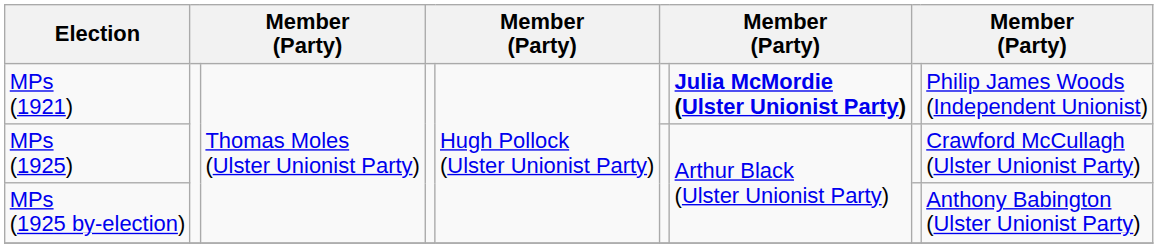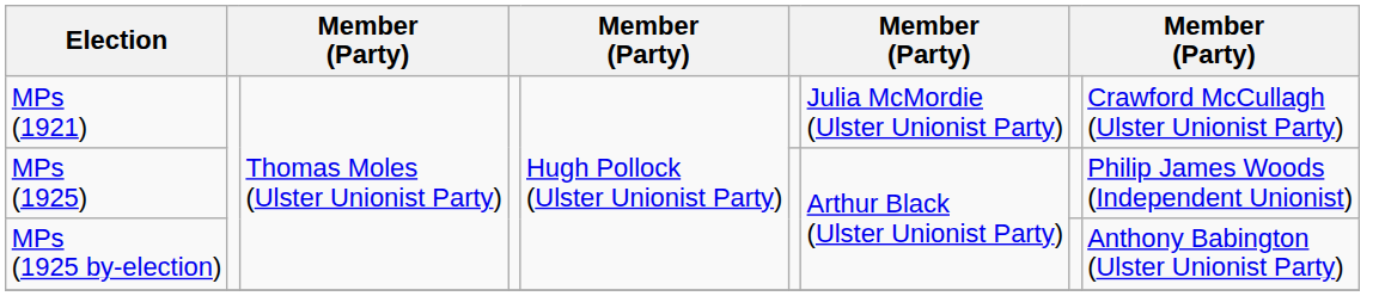 <table class="wikitable">
 <tr>
 <th>Election</th>
 <th colspan=2>Member<br>(Party)</th>
 <th colspan=2>Member<br>(Party)</th>
 <th colspan=2>Member<br>(Party)</th>
 <th colspan=2>Member<br>(Party)</th>
 </tr>
 <tr>
 <td><a href='#'>MPs</a> <br>(<a href='#'>1921</a>)</td>
 <td rowspan=3 style="background:"></td>
 <td rowspan=3><a href='#'>Thomas Moles</a> <br>(<a href='#'>Ulster Unionist Party</a>)</td>
 <td rowspan=3 style="background:"></td>
 <td rowspan=3><a href='#'>Hugh Pollock</a> <br>(<a href='#'>Ulster Unionist Party</a>)</td>
 <td rowspan=1 style="background:"></td>
-<td rowspan=1><strong><a href='#'>Julia McMordie</a> <br>(<a href='#'>Ulster Unionist Party</a>)</strong></td>
+<td rowspan=1><a href='#'>Julia McMordie</a> <br>(<a href='#'>Ulster Unionist Party</a>)</td>
 <td rowspan=1 style="background:"></td>
-<td rowspan=1><a href='#'>Philip James Woods</a> <br>(<a href='#'>Independent Unionist</a>)</td>
+<td rowspan=1><a href='#'>Crawford McCullagh</a> <br>(<a href='#'>Ulster Unionist Party</a>)</td>
 </tr>
 <tr>
 <td><a href='#'>MPs</a> <br>(<a href='#'>1925</a>)</td>
 <td rowspan=2 style="background:"></td>
 <td rowspan=2><a href='#'>Arthur Black</a> <br>(<a href='#'>Ulster Unionist Party</a>)</td>
 <td rowspan=1 style="background:"></td>
-<td rowspan=1><a href='#'>Crawford McCullagh</a> <br>(<a href='#'>Ulster Unionist Party</a>)</td>
+<td rowspan=1><a href='#'>Philip James Woods</a> <br>(<a href='#'>Independent Unionist</a>)</td>
 </tr>
 <tr>
 <td><a href='#'>MPs</a> <br>(<a href='#'>1925 by-election</a>)</td>
 <td rowspan=1 style="background:"></td>
 <td rowspan=1><a href='#'>Anthony Babington</a> <br>(<a href='#'>Ulster Unionist Party</a>)</td>
 </tr>
 <tr>
 </tr>
 </table>
